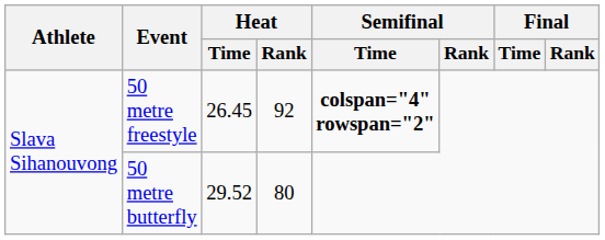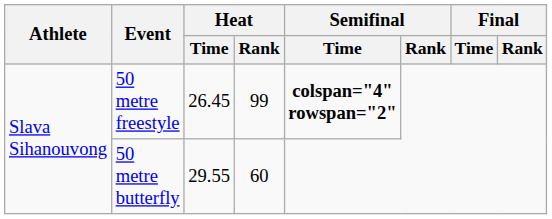 <table class="wikitable" style="text-align:center; font-size:90%; width:50%;">
 <tr>
 <th rowspan="2">Athlete</th>
 <th rowspan="2">Event</th>
 <th colspan="2">Heat</th>
 <th colspan="2">Semifinal</th>
 <th colspan="2">Final</th>
 </tr>
 <tr style="font-size:95%">
 <th>Time</th>
 <th>Rank</th>
 <th>Time</th>
 <th>Rank</th>
 <th>Time</th>
 <th>Rank</th>
 </tr>
 <tr align=center>
 <td align=left rowspan="2"><a href='#'>Slava Sihanouvong</a></td>
 <td align=left><a href='#'>50 metre freestyle</a></td>
 <td>26.45</td>
-<td>92</td>
+<td>99</td>
 <td><strong>colspan="4" rowspan="2"</strong></td>
 </tr>
 <tr align=center>
 <td align=left><a href='#'>50 metre butterfly</a></td>
-<td>29.52</td>
-<td>80</td>
+<td>29.55</td>
+<td>60</td>
 </tr>
 </table>
